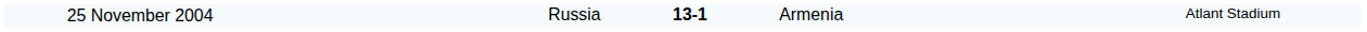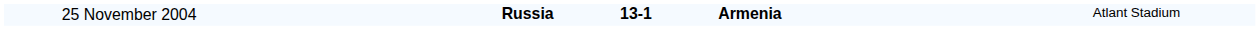 <table style="width: 100%; background:#F5FAFF;" cellspacing="0">
 <tr>
 <td align=center rowspan=3 width=20%>25 November 2004</td>
 </tr>
 <tr>
-<td width=24% align=right>Russia </td>
+<td width=24% align=right><strong>Russia </strong></td>
 <td align=center width=13%><strong>13-1</strong></td>
-<td width=24%> Armenia</td>
+<td width=24%><strong> Armenia</strong></td>
 <td style=font-size:85% rowspan=3 valign=top align=center>Atlant Stadium</td>
 </tr>
 <tr style=font-size:85%>
 <td align=right valign=top></td>
 <td></td>
 <td></td>
 </tr>
 </table>
